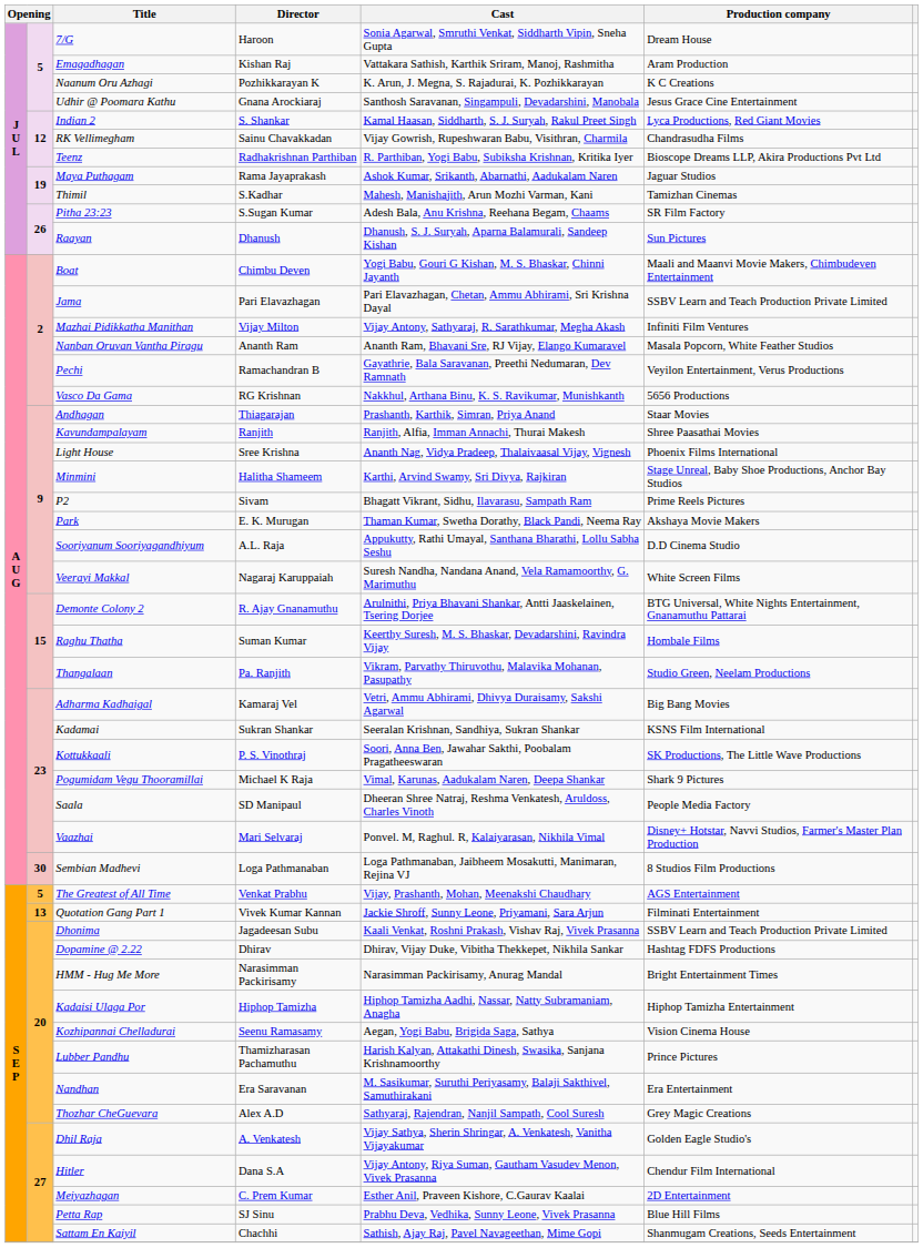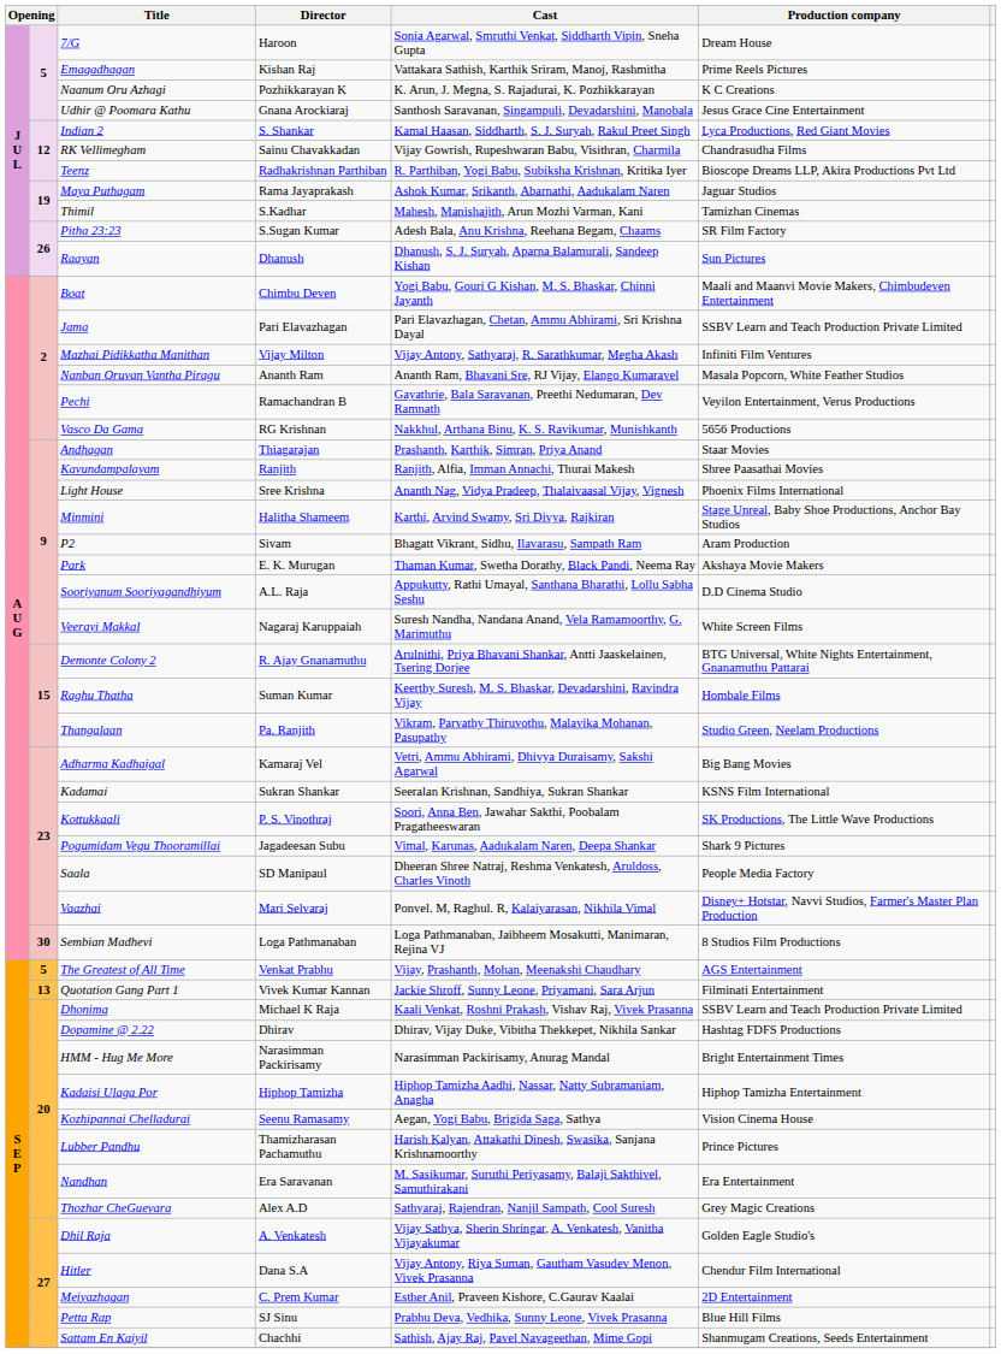 <table class="wikitable sortable">
 <tr>
 <th colspan="2">Opening</th>
 <th style="width:20%;">Title</th>
 <th>Director</th>
 <th>Cast</th>
 <th>Production company</th>
 <th class="unsortable"></th>
 </tr>
 <tr>
 <td rowspan="11" style="text-align:center; background:plum; textcolor:#000;"><strong>J<br>U<br>L</strong></td>
 <td rowspan="4" style="text-align:center;background:#f1daf1;"><strong>5</strong></td>
 <td><em><a href='#'>7/G</a></em></td>
 <td>Haroon</td>
 <td><a href='#'>Sonia Agarwal</a>, <a href='#'>Smruthi Venkat</a>, <a href='#'>Siddharth Vipin</a>, Sneha Gupta</td>
 <td>Dream House</td>
 <td style="text-align:center;"></td>
 </tr>
 <tr>
 <td><em><a href='#'>Emagadhagan</a></em></td>
 <td>Kishan Raj</td>
 <td>Vattakara Sathish, Karthik Sriram, Manoj, Rashmitha</td>
-<td>Aram Production</td>
+<td>Prime Reels Pictures</td>
 <td style="text-align:center;"></td>
 </tr>
 <tr>
 <td><em>Naanum Oru Azhagi</em></td>
 <td>Pozhikkarayan K</td>
 <td>K. Arun, J. Megna, S. Rajadurai, K. Pozhikkarayan</td>
 <td>K C Creations</td>
 <td style="text-align:center;"></td>
 </tr>
 <tr>
 <td><em>Udhir @ Poomara Kathu</em></td>
 <td>Gnana Arockiaraj</td>
 <td>Santhosh Saravanan, <a href='#'>Singampuli</a>, <a href='#'>Devadarshini</a>, <a href='#'>Manobala</a></td>
 <td>Jesus Grace Cine Entertainment</td>
 <td style="text-align:center;"></td>
 </tr>
 <tr>
 <td rowspan="3" style="text-align:center;background:#f1daf1;"><strong>12</strong></td>
 <td><em><a href='#'>Indian 2</a></em></td>
 <td><a href='#'>S. Shankar</a></td>
 <td><a href='#'>Kamal Haasan</a>, <a href='#'>Siddharth</a>, <a href='#'>S. J. Suryah</a>, <a href='#'>Rakul Preet Singh</a></td>
 <td><a href='#'>Lyca Productions</a>, <a href='#'>Red Giant Movies</a></td>
 <td style="text-align:center;"></td>
 </tr>
 <tr>
 <td><em>RK Vellimegham</em></td>
 <td>Sainu Chavakkadan</td>
 <td>Vijay Gowrish, Rupeshwaran Babu, Visithran, <a href='#'>Charmila</a></td>
 <td>Chandrasudha Films</td>
 <td style="text-align:center;"></td>
 </tr>
 <tr>
 <td><em><a href='#'>Teenz</a></em></td>
 <td><a href='#'>Radhakrishnan Parthiban</a></td>
 <td><a href='#'>R. Parthiban</a>, <a href='#'>Yogi Babu</a>, <a href='#'>Subiksha Krishnan</a>, Kritika Iyer</td>
 <td>Bioscope Dreams LLP, Akira Productions Pvt Ltd</td>
 <td style="text-align:center;"></td>
 </tr>
 <tr>
 <td rowspan="2" style="text-align:center;background:#f1daf1;"><strong>19</strong></td>
 <td><em><a href='#'>Maya Puthagam</a></em></td>
 <td>Rama Jayaprakash</td>
 <td><a href='#'>Ashok Kumar</a>, <a href='#'>Srikanth</a>, <a href='#'>Abarnathi</a>, <a href='#'>Aadukalam Naren</a></td>
 <td>Jaguar Studios</td>
 <td style="text-align:center;"></td>
 </tr>
 <tr>
 <td><em>Thimil</em></td>
 <td>S.Kadhar</td>
 <td><a href='#'>Mahesh</a>, <a href='#'>Manishajith</a>, Arun Mozhi Varman, Kani</td>
 <td>Tamizhan Cinemas</td>
 <td style="text-align:center;"></td>
 </tr>
 <tr>
 <td rowspan="2" style="text-align:center;background:#f1daf1;"><strong>26</strong></td>
 <td><em><a href='#'>Pitha 23:23</a></em></td>
 <td>S.Sugan Kumar</td>
 <td>Adesh Bala, <a href='#'>Anu Krishna</a>, Reehana Begam, <a href='#'>Chaams</a></td>
 <td>SR Film Factory</td>
 <td style="text-align:center;"></td>
 </tr>
 <tr>
 <td><em><a href='#'>Raayan</a></em></td>
 <td><a href='#'>Dhanush</a></td>
 <td><a href='#'>Dhanush</a>, <a href='#'>S. J. Suryah</a>, <a href='#'>Aparna Balamurali</a>, <a href='#'>Sandeep Kishan</a></td>
 <td><a href='#'>Sun Pictures</a></td>
 <td style="text-align:center;"></td>
 </tr>
 <tr>
 <td rowspan="24" style="text-align:center; background:#ff91af; textcolor:#000;"><strong>A<br>U<br>G</strong></td>
 <td rowspan="6" style="text-align:center;background:#f4c2c2;"><strong>2</strong></td>
 <td><em><a href='#'>Boat</a></em></td>
 <td><a href='#'>Chimbu Deven</a></td>
 <td><a href='#'>Yogi Babu</a>, <a href='#'>Gouri G Kishan</a>, <a href='#'>M. S. Bhaskar</a>, <a href='#'>Chinni Jayanth</a></td>
 <td>Maali and Maanvi Movie Makers, <a href='#'>Chimbudeven Entertainment</a></td>
 <td style="text-align:center;"></td>
 </tr>
 <tr>
 <td><em><a href='#'>Jama</a></em></td>
 <td>Pari Elavazhagan</td>
 <td>Pari Elavazhagan, <a href='#'>Chetan</a>, <a href='#'>Ammu Abhirami</a>, Sri Krishna Dayal</td>
 <td>SSBV Learn and Teach Production Private Limited</td>
 <td style="text-align:center;"></td>
 </tr>
 <tr>
 <td><em><a href='#'>Mazhai Pidikkatha Manithan</a></em></td>
 <td><a href='#'>Vijay Milton</a></td>
 <td><a href='#'>Vijay Antony</a>, <a href='#'>Sathyaraj</a>, <a href='#'>R. Sarathkumar</a>, <a href='#'>Megha Akash</a></td>
 <td>Infiniti Film Ventures</td>
 <td style="text-align:center;"></td>
 </tr>
 <tr>
 <td><em><a href='#'>Nanban Oruvan Vantha Piragu</a></em></td>
 <td>Ananth Ram</td>
 <td>Ananth Ram, <a href='#'>Bhavani Sre</a>, RJ Vijay, <a href='#'>Elango Kumaravel</a></td>
 <td>Masala Popcorn, White Feather Studios</td>
 <td style="text-align:center;"></td>
 </tr>
 <tr>
 <td><em><a href='#'>Pechi</a></em></td>
 <td>Ramachandran B</td>
 <td><a href='#'>Gayathrie</a>, <a href='#'>Bala Saravanan</a>,  Preethi Nedumaran, <a href='#'>Dev Ramnath</a></td>
 <td>Veyilon Entertainment, Verus Productions</td>
 <td style="text-align:center;"></td>
 </tr>
 <tr>
 <td><em><a href='#'>Vasco Da Gama</a></em></td>
 <td>RG Krishnan</td>
 <td><a href='#'>Nakkhul</a>, <a href='#'>Arthana Binu</a>, <a href='#'>K. S. Ravikumar</a>, <a href='#'>Munishkanth</a></td>
 <td>5656 Productions</td>
 <td style="text-align:center;"></td>
 </tr>
 <tr>
 <td rowspan="8" style="text-align:center;background:#f4c2c2;"><strong>9</strong></td>
 <td><em><a href='#'>Andhagan</a></em></td>
 <td><a href='#'>Thiagarajan</a></td>
 <td><a href='#'>Prashanth</a>, <a href='#'>Karthik</a>, <a href='#'>Simran</a>, <a href='#'>Priya Anand</a></td>
 <td>Staar Movies</td>
 <td style="text-align:center;"></td>
 </tr>
 <tr>
 <td><em><a href='#'>Kavundampalayam</a></em></td>
 <td><a href='#'>Ranjith</a></td>
 <td><a href='#'>Ranjith</a>, Alfia, <a href='#'>Imman Annachi</a>, Thurai Makesh</td>
 <td>Shree Paasathai Movies</td>
 <td style="text-align:center;"></td>
 </tr>
 <tr>
 <td><em>Light House</em></td>
 <td>Sree Krishna</td>
 <td><a href='#'>Ananth Nag</a>, <a href='#'>Vidya Pradeep</a>, <a href='#'>Thalaivaasal Vijay</a>, <a href='#'>Vignesh</a></td>
 <td>Phoenix Films International</td>
 <td style="text-align:center;"></td>
 </tr>
 <tr>
 <td><em><a href='#'>Minmini</a></em></td>
 <td><a href='#'>Halitha Shameem</a></td>
 <td><a href='#'>Karthi</a>, <a href='#'>Arvind Swamy</a>, <a href='#'>Sri Divya</a>, <a href='#'>Rajkiran</a></td>
 <td><a href='#'>Stage Unreal</a>, Baby Shoe Productions, Anchor Bay Studios</td>
 <td style="text-align:center;"></td>
 </tr>
 <tr>
 <td><em>P2</em></td>
 <td>Sivam</td>
 <td>Bhagatt Vikrant, Sidhu, <a href='#'>Ilavarasu</a>, <a href='#'>Sampath Ram</a></td>
-<td>Prime Reels Pictures</td>
+<td>Aram Production</td>
 <td style="text-align:center;"></td>
 </tr>
 <tr>
 <td><em><a href='#'>Park</a></em></td>
 <td>E. K. Murugan</td>
 <td><a href='#'>Thaman Kumar</a>, Swetha Dorathy, <a href='#'>Black Pandi</a>, Neema Ray</td>
 <td>Akshaya Movie Makers</td>
 <td style="text-align:center;"></td>
 </tr>
 <tr>
 <td><em><a href='#'>Sooriyanum Sooriyagandhiyum</a></em></td>
 <td>A.L. Raja</td>
 <td><a href='#'>Appukutty</a>, Rathi Umayal, <a href='#'>Santhana Bharathi</a>, <a href='#'>Lollu Sabha Seshu</a></td>
 <td>D.D Cinema Studio</td>
 <td style="text-align:center;"></td>
 </tr>
 <tr>
 <td><em><a href='#'>Veerayi Makkal</a></em></td>
 <td>Nagaraj Karuppaiah</td>
 <td>Suresh Nandha, Nandana Anand, <a href='#'>Vela Ramamoorthy</a>, <a href='#'>G. Marimuthu</a></td>
 <td>White Screen Films</td>
 <td style="text-align:center;"></td>
 </tr>
 <tr>
 <td rowspan="3" style="text-align:center;background:#f4c2c2;"><strong>15</strong></td>
 <td><em><a href='#'>Demonte Colony 2</a></em></td>
 <td><a href='#'>R. Ajay Gnanamuthu</a></td>
 <td><a href='#'>Arulnithi</a>, <a href='#'>Priya Bhavani Shankar</a>, Antti Jaaskelainen, <a href='#'>Tsering Dorjee</a></td>
 <td>BTG Universal, White Nights Entertainment, <a href='#'>Gnanamuthu Pattarai</a></td>
 <td style="text-align:center;"></td>
 </tr>
 <tr>
 <td><em><a href='#'>Raghu Thatha</a></em></td>
 <td>Suman Kumar</td>
 <td><a href='#'>Keerthy Suresh</a>, <a href='#'>M. S. Bhaskar</a>, <a href='#'>Devadarshini</a>, <a href='#'>Ravindra Vijay</a></td>
 <td><a href='#'>Hombale Films</a></td>
 <td style="text-align:center;"></td>
 </tr>
 <tr>
 <td><em><a href='#'>Thangalaan</a></em></td>
 <td><a href='#'>Pa. Ranjith</a></td>
 <td><a href='#'>Vikram</a>, <a href='#'>Parvathy Thiruvothu</a>, <a href='#'>Malavika Mohanan</a>, <a href='#'>Pasupathy</a></td>
 <td><a href='#'>Studio Green</a>, <a href='#'>Neelam Productions</a></td>
 <td style="text-align:center;"></td>
 </tr>
 <tr>
 <td rowspan="6" style="text-align:center;background:#f4c2c2;"><strong>23</strong></td>
 <td><em><a href='#'>Adharma Kadhaigal</a></em></td>
 <td>Kamaraj Vel</td>
 <td><a href='#'>Vetri</a>, <a href='#'>Ammu Abhirami</a>, <a href='#'>Dhivya Duraisamy</a>, <a href='#'>Sakshi Agarwal</a></td>
 <td>Big Bang Movies</td>
 <td style="text-align:center;"></td>
 </tr>
 <tr>
 <td><em>Kadamai</em></td>
 <td>Sukran Shankar</td>
 <td>Seeralan Krishnan, Sandhiya, Sukran Shankar</td>
 <td>KSNS Film International</td>
 <td style="text-align:center;"></td>
 </tr>
 <tr>
 <td><em><a href='#'>Kottukkaali</a></em></td>
 <td><a href='#'>P. S. Vinothraj</a></td>
 <td><a href='#'>Soori</a>, <a href='#'>Anna Ben</a>, Jawahar Sakthi, Poobalam Pragatheeswaran</td>
 <td><a href='#'>SK Productions</a>, The Little Wave Productions</td>
 <td style="text-align:center;"></td>
 </tr>
 <tr>
 <td><em><a href='#'>Pogumidam Vegu Thooramillai</a></em></td>
-<td>Michael K Raja</td>
+<td>Jagadeesan Subu</td>
 <td><a href='#'>Vimal</a>, <a href='#'>Karunas</a>, <a href='#'>Aadukalam Naren</a>, <a href='#'>Deepa Shankar</a></td>
 <td>Shark 9 Pictures</td>
 <td style="text-align:center;"></td>
 </tr>
 <tr>
 <td><em>Saala</em></td>
 <td>SD Manipaul</td>
 <td>Dheeran Shree Natraj, Reshma Venkatesh, <a href='#'>Aruldoss</a>, <a href='#'>Charles Vinoth</a></td>
 <td>People Media Factory</td>
 <td style="text-align:center;"></td>
 </tr>
 <tr>
 <td><em><a href='#'>Vaazhai</a></em></td>
 <td><a href='#'>Mari Selvaraj</a></td>
 <td>Ponvel. M, Raghul. R, <a href='#'>Kalaiyarasan</a>, <a href='#'>Nikhila Vimal</a></td>
 <td><a href='#'>Disney+ Hotstar</a>, Navvi Studios, <a href='#'>Farmer's Master Plan Production</a></td>
 <td style="text-align:center;"></td>
 </tr>
 <tr>
 <td rowspan="1" style="text-align:center;background:#f4c2c2;"><strong>30</strong></td>
 <td><em>Sembian Madhevi</em></td>
 <td>Loga Pathmanaban</td>
 <td>Loga Pathmanaban, Jaibheem Mosakutti, Manimaran, Rejina VJ</td>
 <td>8 Studios Film Productions</td>
 <td style="text-align:center;"></td>
 </tr>
 <tr>
 <td rowspan="15" style="text-align:center; background:orange; textcolor:#000; "><strong>S<br>E<br>P</strong></td>
 <td rowspan="1" style="text-align:center; textcolor:#000; background:#ffc04c;"><strong>5</strong></td>
 <td><em><a href='#'>The Greatest of All Time</a></em></td>
 <td><a href='#'>Venkat Prabhu</a></td>
 <td><a href='#'>Vijay</a>, <a href='#'>Prashanth</a>, <a href='#'>Mohan</a>, <a href='#'>Meenakshi Chaudhary</a></td>
 <td><a href='#'>AGS Entertainment</a></td>
 <td style="text-align:center;"></td>
 </tr>
 <tr>
 <td rowspan="1" style="text-align:center; textcolor:#000; background:#ffc04c;"><strong>13</strong></td>
 <td><em>Quotation Gang Part 1</em></td>
 <td>Vivek Kumar Kannan</td>
 <td><a href='#'>Jackie Shroff</a>, <a href='#'>Sunny Leone</a>, <a href='#'>Priyamani</a>, <a href='#'>Sara Arjun</a></td>
 <td>Filminati Entertainment</td>
 <td style="text-align:center;"></td>
 </tr>
 <tr>
 <td rowspan="8" style="text-align:center; textcolor:#000; background:#ffc04c;"><strong>20</strong></td>
 <td><em><a href='#'>Dhonima</a></em></td>
-<td>Jagadeesan Subu</td>
+<td>Michael K Raja</td>
 <td><a href='#'>Kaali Venkat</a>, <a href='#'>Roshni Prakash</a>, Vishav Raj, <a href='#'>Vivek Prasanna</a></td>
 <td>SSBV Learn and Teach Production Private Limited</td>
 <td style="text-align:center;"></td>
 </tr>
 <tr>
 <td><em><a href='#'>Dopamine @ 2.22</a></em></td>
 <td>Dhirav</td>
 <td>Dhirav, Vijay Duke, Vibitha Thekkepet, Nikhila Sankar</td>
 <td>Hashtag FDFS Productions</td>
 <td style="text-align:center;"></td>
 </tr>
 <tr>
 <td><em>HMM - Hug Me More</em></td>
 <td>Narasimman Packirisamy</td>
 <td>Narasimman Packirisamy, Anurag Mandal</td>
 <td>Bright Entertainment Times</td>
 <td style="text-align:center;"></td>
 </tr>
 <tr>
 <td><em><a href='#'>Kadaisi Ulaga Por</a></em></td>
 <td><a href='#'>Hiphop Tamizha</a></td>
 <td><a href='#'>Hiphop Tamizha Aadhi</a>, <a href='#'>Nassar</a>, <a href='#'>Natty Subramaniam</a>, <a href='#'>Anagha</a></td>
 <td>Hiphop Tamizha Entertainment</td>
 <td style="text-align:center;"></td>
 </tr>
 <tr>
 <td><em><a href='#'>Kozhipannai Chelladurai</a></em></td>
 <td><a href='#'>Seenu Ramasamy</a></td>
 <td>Aegan, <a href='#'>Yogi Babu</a>, <a href='#'>Brigida Saga</a>, Sathya</td>
 <td>Vision Cinema House</td>
 <td style="text-align:center;"></td>
 </tr>
 <tr>
 <td><em><a href='#'>Lubber Pandhu</a></em></td>
 <td>Thamizharasan Pachamuthu</td>
 <td><a href='#'>Harish Kalyan</a>, <a href='#'>Attakathi Dinesh</a>, <a href='#'>Swasika</a>, Sanjana Krishnamoorthy</td>
 <td>Prince Pictures</td>
 <td style="text-align:center;"></td>
 </tr>
 <tr>
 <td><em><a href='#'>Nandhan</a></em></td>
 <td>Era Saravanan</td>
 <td><a href='#'>M. Sasikumar</a>, <a href='#'>Suruthi Periyasamy</a>, <a href='#'>Balaji Sakthivel</a>, <a href='#'>Samuthirakani</a></td>
 <td>Era Entertainment</td>
 <td style="text-align:center;"></td>
 </tr>
 <tr>
 <td><em><a href='#'>Thozhar CheGuevara</a></em></td>
 <td>Alex A.D</td>
 <td><a href='#'>Sathyaraj</a>, <a href='#'>Rajendran</a>, <a href='#'>Nanjil Sampath</a>, <a href='#'>Cool Suresh</a></td>
 <td>Grey Magic Creations</td>
 <td style="text-align:center;"></td>
 </tr>
 <tr>
 <td rowspan="5" style="text-align:center; textcolor:#000; background:#ffc04c;"><strong>27</strong></td>
 <td><em><a href='#'>Dhil Raja</a></em></td>
 <td><a href='#'>A. Venkatesh</a></td>
 <td><a href='#'>Vijay Sathya</a>, <a href='#'>Sherin Shringar</a>, <a href='#'>A. Venkatesh</a>, <a href='#'>Vanitha Vijayakumar</a></td>
 <td>Golden Eagle Studio's</td>
 <td style="text-align:center;"></td>
 </tr>
 <tr>
 <td><em><a href='#'>Hitler</a></em></td>
 <td>Dana S.A</td>
 <td><a href='#'>Vijay Antony</a>, <a href='#'>Riya Suman</a>, <a href='#'>Gautham Vasudev Menon</a>, <a href='#'>Vivek Prasanna</a></td>
 <td>Chendur Film International</td>
 <td style="text-align:center;"></td>
 </tr>
 <tr>
 <td><em><a href='#'>Meiyazhagan</a></em></td>
 <td><a href='#'>C. Prem Kumar</a></td>
 <td><a href='#'>Esther Anil</a>, Praveen Kishore,  C.Gaurav Kaalai</td>
 <td><a href='#'>2D Entertainment</a></td>
 <td style="text-align:center;"></td>
 </tr>
 <tr>
 <td><em><a href='#'>Petta Rap</a></em></td>
 <td>SJ Sinu</td>
 <td><a href='#'>Prabhu Deva</a>, <a href='#'>Vedhika</a>, <a href='#'>Sunny Leone</a>, <a href='#'>Vivek Prasanna</a></td>
 <td>Blue Hill Films</td>
 <td style="text-align:center;"></td>
 </tr>
 <tr>
 <td><em><a href='#'>Sattam En Kaiyil</a></em></td>
 <td>Chachhi</td>
 <td><a href='#'>Sathish</a>, <a href='#'>Ajay Raj</a>, <a href='#'>Pavel Navageethan</a>, <a href='#'>Mime Gopi</a></td>
 <td>Shanmugam Creations, Seeds Entertainment</td>
 <td style="text-align:center;"></td>
 </tr>
 <tr>
 </tr>
 </table>
